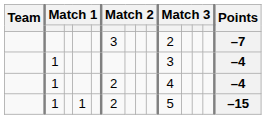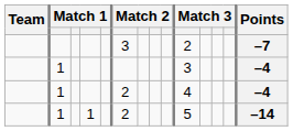 <table class="wikitable sortable" style="text-align:center;">
 <tr>
 <th rowspan=2>Team</th>
 <th colspan=4 style="border-left:3px solid gray">Match 1</th>
 <th colspan=4 style="border-left:3px solid gray">Match 2</th>
 <th colspan=4 style="border-left:3px solid gray">Match 3</th>
 <th rowspan=2 style="border-left:3px solid gray">Points</th>
 </tr>
 <tr>
 <th style="border-left:3px solid gray"></th>
 <th></th>
 <th></th>
 <th></th>
 <th style="border-left:3px solid gray"></th>
 <th></th>
 <th></th>
 <th></th>
 <th style="border-left:3px solid gray"></th>
 <th></th>
 <th></th>
 <th></th>
 </tr>
 <tr>
 <td align=left></td>
 <td style="border-left:3px solid gray"></td>
 <td></td>
 <td></td>
 <td></td>
 <td style="border-left:3px solid gray">3</td>
 <td></td>
 <td></td>
 <td></td>
 <td style="border-left:3px solid gray">2</td>
 <td></td>
 <td></td>
 <td></td>
 <th style="border-left:3px solid gray">–7</th>
 </tr>
 <tr>
 <td align=left></td>
 <td style="border-left:3px solid gray">1</td>
 <td></td>
 <td></td>
 <td></td>
 <td style="border-left:3px solid gray"></td>
 <td></td>
 <td></td>
 <td></td>
 <td style="border-left:3px solid gray">3</td>
 <td></td>
 <td></td>
 <td></td>
 <th style="border-left:3px solid gray">–4</th>
 </tr>
 <tr>
 <td align=left></td>
 <td style="border-left:3px solid gray">1</td>
 <td></td>
 <td></td>
 <td></td>
 <td style="border-left:3px solid gray">2</td>
 <td></td>
 <td></td>
 <td></td>
 <td style="border-left:3px solid gray">4</td>
 <td></td>
 <td></td>
 <td></td>
 <th style="border-left:3px solid gray">–4</th>
 </tr>
 <tr>
 <td align=left></td>
 <td style="border-left:3px solid gray">1</td>
 <td></td>
 <td>1</td>
 <td></td>
 <td style="border-left:3px solid gray">2</td>
 <td></td>
 <td></td>
 <td></td>
 <td style="border-left:3px solid gray">5</td>
 <td></td>
 <td></td>
 <td></td>
-<th style="border-left:3px solid gray">–15</th>
+<th style="border-left:3px solid gray">–14</th>
 </tr>
 </table>
